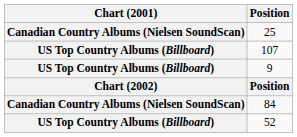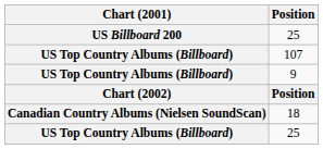 <table class="wikitable plainrowheaders" style="text-align:center">
 <tr>
 <th scope="col">Chart (2001)</th>
 <th scope="col">Position</th>
 </tr>
 <tr>
-<th scope="row">Canadian Country Albums (Nielsen SoundScan)</th>
+<th scope="row">US <em>Billboard</em> 200</th>
 <td>25</td>
 </tr>
 <tr>
 <th scope="row">US Top Country Albums (<em>Billboard</em>)</th>
 <td>107</td>
 </tr>
 <tr>
 <th scope="row">US Top Country Albums (<em>Billboard</em>)</th>
 <td>9</td>
 </tr>
 <tr>
 <th scope="col">Chart (2002)</th>
 <th scope="col">Position</th>
 </tr>
 <tr>
 <th scope="row">Canadian Country Albums (Nielsen SoundScan)</th>
-<td>84</td>
+<td>18</td>
 </tr>
 <tr>
 <th scope="row">US Top Country Albums (<em>Billboard</em>)</th>
-<td>52</td>
+<td>25</td>
 </tr>
 </table>
